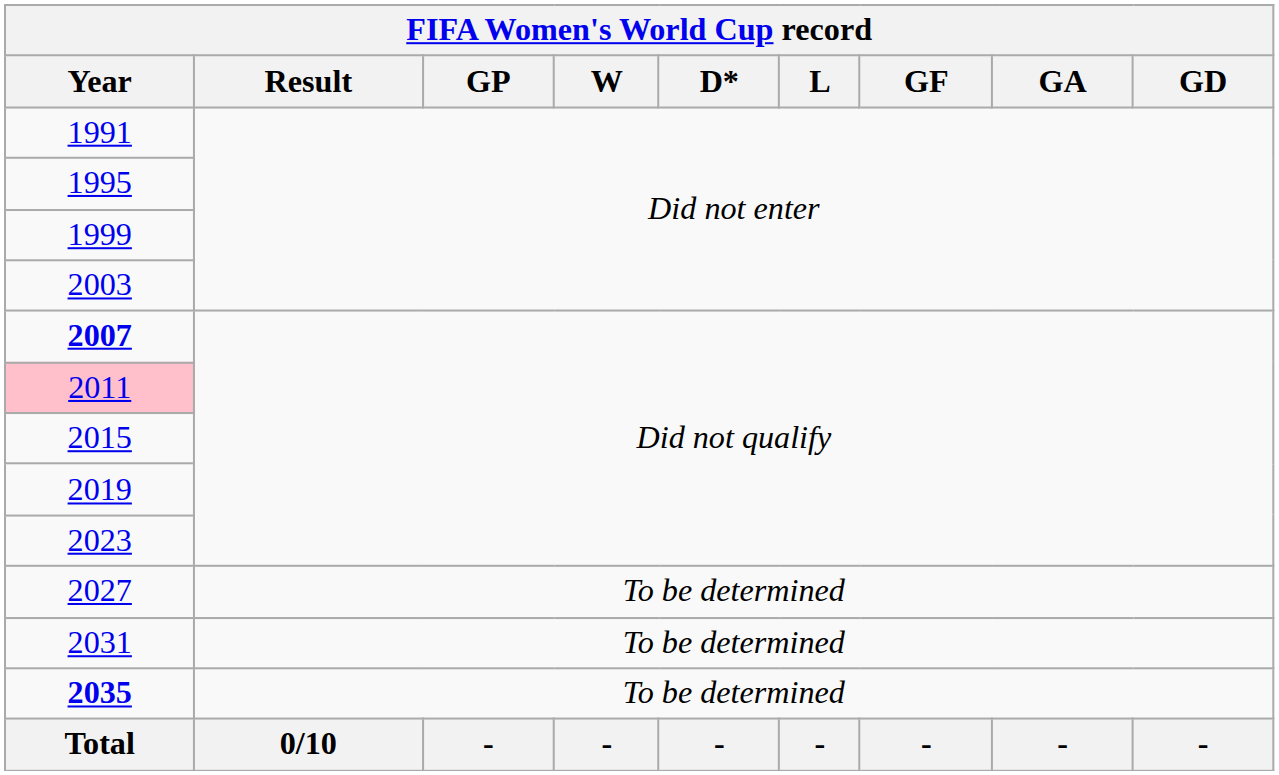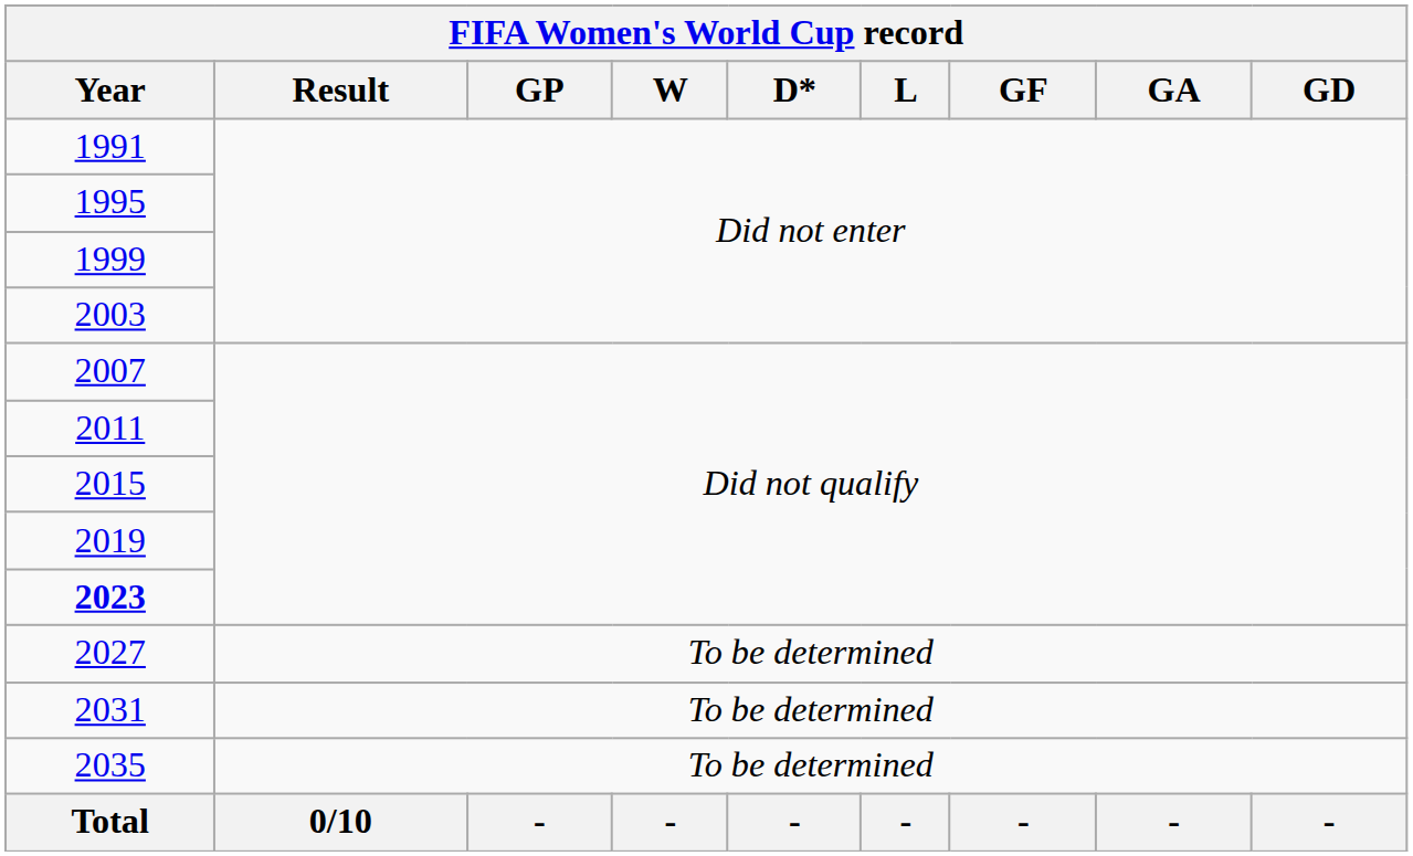 <table class="wikitable" style="text-align: center; width:50%;">
 <tr>
 <th colspan=100><a href='#'>FIFA Women's World Cup</a> record</th>
 </tr>
 <tr>
 <th>Year</th>
 <th>Result</th>
 <th>GP</th>
 <th>W</th>
 <th>D*</th>
 <th>L</th>
 <th>GF</th>
 <th>GA</th>
 <th>GD</th>
 </tr>
 <tr>
 <td> <a href='#'>1991</a></td>
 <td colspan=8 rowspan=4><em>Did not enter</em></td>
 </tr>
 <tr>
 <td> <a href='#'>1995</a></td>
 </tr>
 <tr>
 <td> <a href='#'>1999</a></td>
 </tr>
 <tr>
 <td> <a href='#'>2003</a></td>
 </tr>
 <tr>
-<td><strong> <a href='#'>2007</a></strong></td>
+<td> <a href='#'>2007</a></td>
 <td colspan=8 rowspan=5><em>Did not qualify</em></td>
 </tr>
 <tr>
-<td style="background: pink;"> <a href='#'>2011</a></td>
+<td> <a href='#'>2011</a></td>
 </tr>
 <tr>
 <td> <a href='#'>2015</a></td>
 </tr>
 <tr>
 <td> <a href='#'>2019</a></td>
 </tr>
 <tr>
-<td> <a href='#'>2023</a></td>
+<td><strong> <a href='#'>2023</a></strong></td>
 </tr>
 <tr>
 <td> <a href='#'>2027</a></td>
 <td colspan=8><em>To be determined</em></td>
 </tr>
 <tr>
 <td> <a href='#'>2031</a></td>
 <td colspan=8><em>To be determined</em></td>
 </tr>
 <tr>
-<td><strong> <a href='#'>2035</a></strong></td>
+<td> <a href='#'>2035</a></td>
 <td colspan=8><em>To be determined</em></td>
 </tr>
 <tr>
 <th>Total</th>
 <th>0/10</th>
 <th>-</th>
 <th>-</th>
 <th>-</th>
 <th>-</th>
 <th>-</th>
 <th>-</th>
 <th>-</th>
 </tr>
 </table>
